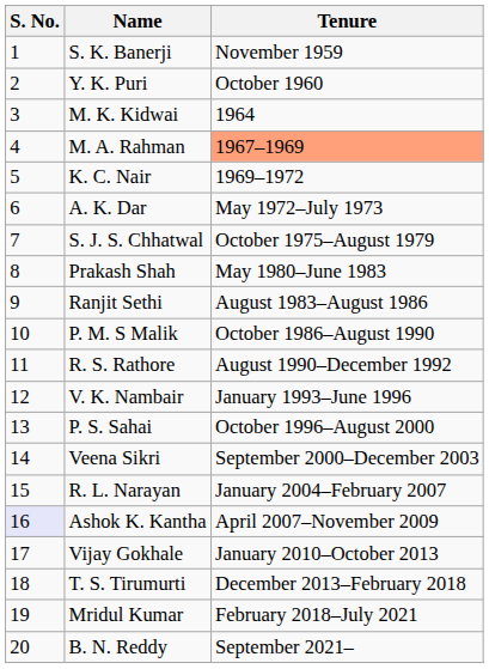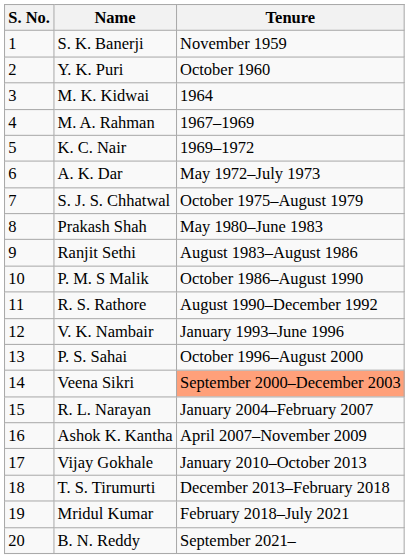 <table class="wikitable">
 <tr>
 <th>S. No.</th>
 <th>Name</th>
 <th>Tenure</th>
 </tr>
 <tr>
 <td>1</td>
 <td>S. K. Banerji</td>
 <td>November 1959</td>
 </tr>
 <tr>
 <td>2</td>
 <td>Y. K. Puri</td>
 <td>October 1960</td>
 </tr>
 <tr>
 <td>3</td>
 <td>M. K. Kidwai</td>
 <td>1964</td>
 </tr>
 <tr>
 <td>4</td>
 <td>M. A. Rahman</td>
-<td style="background: lightsalmon;">1967–1969</td>
+<td>1967–1969</td>
 </tr>
 <tr>
 <td>5</td>
 <td>K. C. Nair</td>
 <td>1969–1972</td>
 </tr>
 <tr>
 <td>6</td>
 <td>A. K. Dar</td>
 <td>May 1972–July 1973</td>
 </tr>
 <tr>
 <td>7</td>
 <td>S. J. S. Chhatwal</td>
 <td>October 1975–August 1979</td>
 </tr>
 <tr>
 <td>8</td>
 <td>Prakash Shah</td>
 <td>May 1980–June 1983</td>
 </tr>
 <tr>
 <td>9</td>
 <td>Ranjit Sethi</td>
 <td>August 1983–August 1986</td>
 </tr>
 <tr>
 <td>10</td>
 <td>P. M. S Malik</td>
 <td>October 1986–August 1990</td>
 </tr>
 <tr>
 <td>11</td>
 <td>R. S. Rathore</td>
 <td>August 1990–December 1992</td>
 </tr>
 <tr>
 <td>12</td>
 <td>V. K. Nambair</td>
 <td>January 1993–June 1996</td>
 </tr>
 <tr>
 <td>13</td>
 <td>P. S. Sahai</td>
 <td>October 1996–August 2000</td>
 </tr>
 <tr>
 <td>14</td>
 <td>Veena Sikri</td>
-<td>September 2000–December 2003</td>
+<td style="background: lightsalmon;">September 2000–December 2003</td>
 </tr>
 <tr>
 <td>15</td>
 <td>R. L. Narayan</td>
 <td>January 2004–February 2007</td>
 </tr>
 <tr>
-<td style="background: lavender;">16</td>
+<td>16</td>
 <td>Ashok K. Kantha</td>
 <td>April 2007–November 2009</td>
 </tr>
 <tr>
 <td>17</td>
 <td>Vijay Gokhale</td>
 <td>January 2010–October 2013</td>
 </tr>
 <tr>
 <td>18</td>
 <td>T. S. Tirumurti</td>
 <td>December 2013–February 2018</td>
 </tr>
 <tr>
 <td>19</td>
 <td>Mridul Kumar</td>
 <td>February 2018–July 2021</td>
 </tr>
 <tr>
 <td>20</td>
 <td>B. N. Reddy</td>
 <td>September 2021–</td>
 </tr>
 <tr>
 </tr>
 </table>
